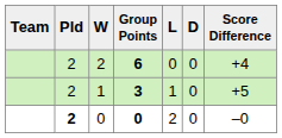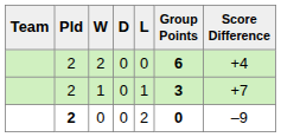 <table style=border-collapse:collapse border=1 cellspacing=0 cellpadding=5>
 <tr align=center bgcolor=#efefef>
 <th>Team</th>
 <th>Pld</th>
 <th>W</th>
+<th>D</th>
+<th>L</th>
 <th><small>Group<br>Points</small></th>
-<th>L</th>
-<th>D</th>
 <th><small>Score<br>Difference</small></th>
 </tr>
 <tr align=center style="background:#D0F0C0;">
 <td style="text-align:left;"> </td>
 <td>2</td>
 <td>2</td>
-<td><strong>6</strong></td>
 <td>0</td>
 <td>0</td>
+<td><strong>6</strong></td>
 <td>+4</td>
 </tr>
 <tr align=center style="background:#D0F0C0;">
 <td style="text-align:left;"> </td>
 <td>2</td>
 <td>1</td>
+<td>0</td>
+<td>1</td>
 <td><strong>3</strong></td>
-<td>1</td>
-<td>0</td>
-<td>+5</td>
+<td>+7</td>
 </tr>
 <tr align=center style="background:#FFFFFF;">
 <td style="text-align:left;"> </td>
 <td><strong>2</strong></td>
 <td>0</td>
+<td>0</td>
+<td>2</td>
 <td><strong>0</strong></td>
-<td>2</td>
-<td>0</td>
-<td>–0</td>
+<td>–9</td>
 </tr>
 </table>
